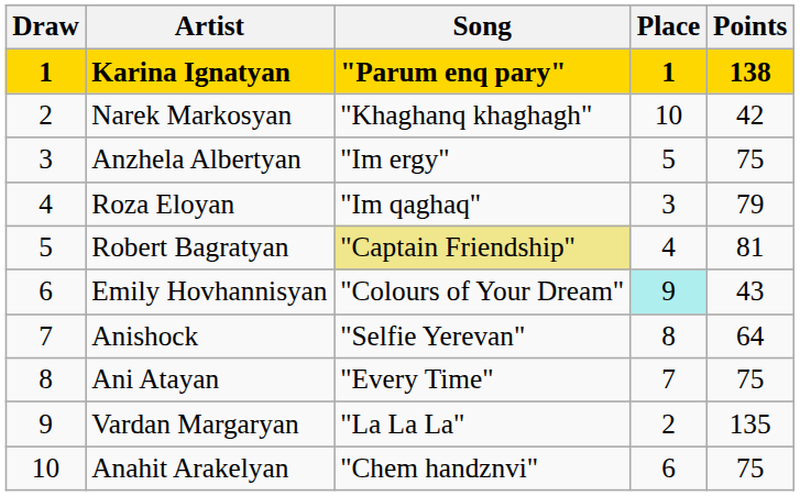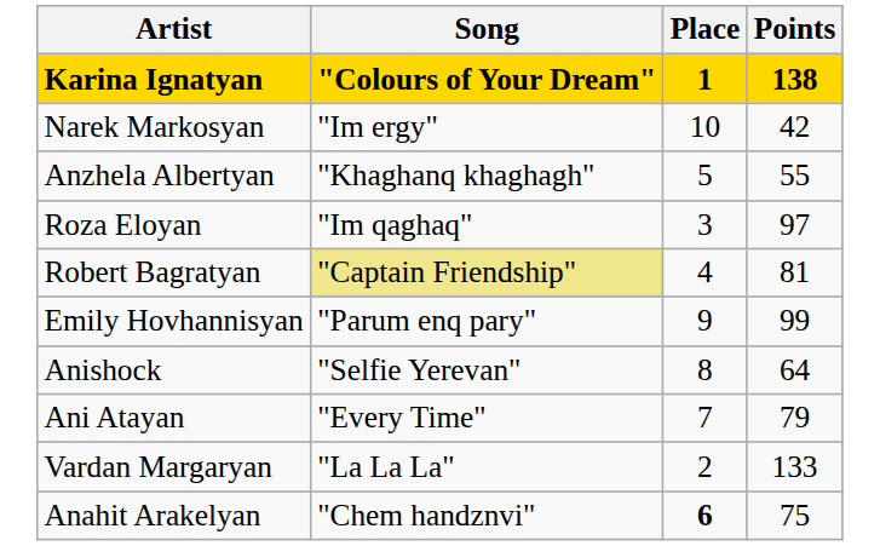 <table class="sortable wikitable" style="margin: 1em auto 1em auto; text-align: center">
 <tr>
-<th>Draw</th>
 <th>Artist</th>
 <th>Song</th>
 <th>Place</th>
 <th>Points</th>
 </tr>
 <tr style="background:gold; font-weight:bold;">
-<td>1</td>
 <td align="left">Karina Ignatyan</td>
-<td align="left">"Parum enq pary"</td>
+<td align="left">"Colours of Your Dream"</td>
 <td>1</td>
 <td>138</td>
 </tr>
 <tr>
-<td>2</td>
 <td align="left">Narek Markosyan</td>
-<td align="left">"Khaghanq khaghagh"</td>
+<td align="left">"Im ergy"</td>
 <td>10</td>
 <td>42</td>
 </tr>
 <tr>
-<td>3</td>
 <td align="left">Anzhela Albertyan</td>
-<td align="left">"Im ergy"</td>
+<td align="left">"Khaghanq khaghagh"</td>
 <td>5</td>
-<td>75</td>
+<td>55</td>
 </tr>
 <tr>
-<td>4</td>
 <td align="left">Roza Eloyan</td>
 <td align="left">"Im qaghaq"</td>
 <td>3</td>
-<td>79</td>
+<td>97</td>
 </tr>
 <tr>
-<td>5</td>
 <td align="left">Robert Bagratyan</td>
 <td align="left" style="background: khaki;">"Captain Friendship"</td>
 <td>4</td>
 <td>81</td>
 </tr>
 <tr>
-<td>6</td>
 <td align="left">Emily Hovhannisyan</td>
-<td align="left">"Colours of Your Dream"</td>
-<td style="background: paleturquoise;">9</td>
-<td>43</td>
+<td align="left">"Parum enq pary"</td>
+<td>9</td>
+<td>99</td>
 </tr>
 <tr>
-<td>7</td>
 <td align="left">Anishock</td>
 <td align="left">"Selfie Yerevan"</td>
 <td>8</td>
 <td>64</td>
 </tr>
 <tr>
-<td>8</td>
 <td align="left">Ani Atayan</td>
 <td align="left">"Every Time"</td>
 <td>7</td>
-<td>75</td>
+<td>79</td>
 </tr>
 <tr>
-<td>9</td>
 <td align="left">Vardan Margaryan</td>
 <td align="left">"La La La"</td>
 <td>2</td>
-<td>135</td>
+<td>133</td>
 </tr>
 <tr>
-<td>10</td>
 <td align="left">Anahit Arakelyan</td>
 <td align="left">"Chem handznvi"</td>
-<td>6</td>
+<td><strong>6</strong></td>
 <td>75</td>
 </tr>
 </table>
